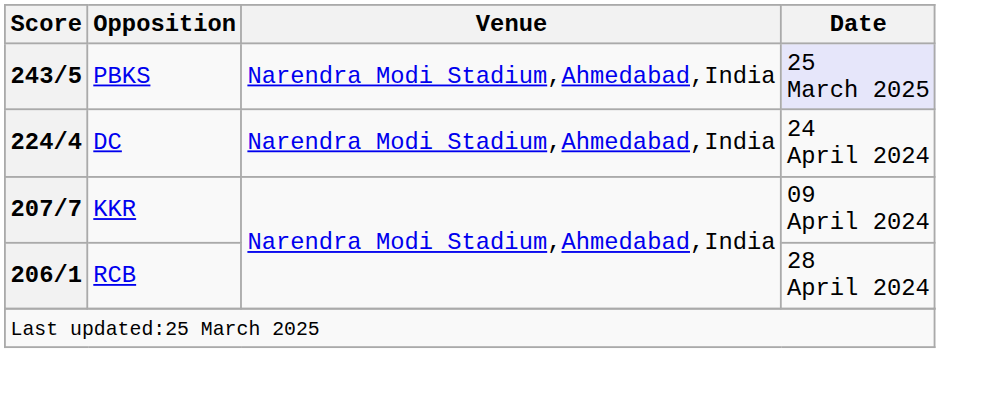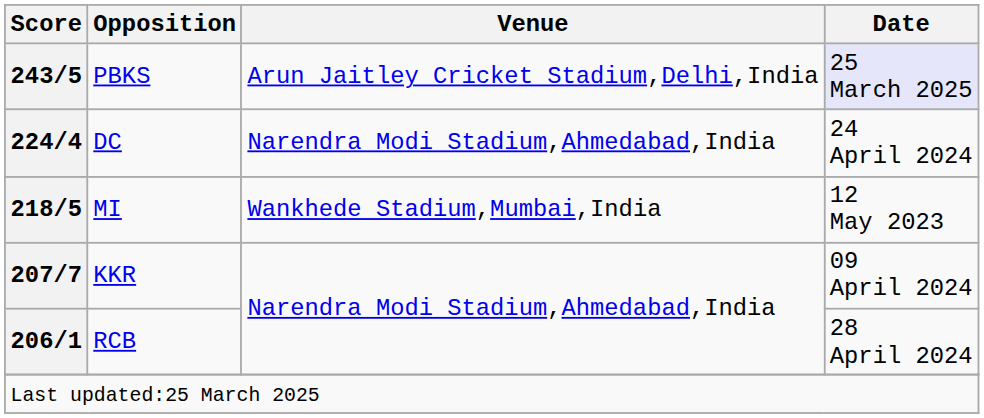 <table class="wikitable">
 <tr>
 <th><strong>Score</strong></th>
 <th><strong>Opposition</strong></th>
 <th><strong>Venue</strong></th>
 <th><strong>Date</strong></th>
 </tr>
 <tr>
 <th>243/5</th>
 <td><a href='#'>PBKS</a></td>
-<td><a href='#'>Narendra Modi Stadium</a>,<a href='#'>Ahmedabad</a>,India</td>
+<td><a href='#'>Arun Jaitley Cricket Stadium</a>,<a href='#'>Delhi</a>,India</td>
 <td style="background: lavender;">25<br>March 2025</td>
 </tr>
 <tr>
 <th>224/4</th>
 <td><a href='#'>DC</a></td>
 <td><a href='#'>Narendra Modi Stadium</a>,<a href='#'>Ahmedabad</a>,India</td>
 <td>24<br>April 2024</td>
+</tr>
+<tr>
+<th>218/5</th>
+<td><a href='#'>MI</a></td>
+<td><a href='#'>Wankhede Stadium</a>,<a href='#'>Mumbai</a>,India</td>
+<td>12<br>May 2023</td>
 </tr>
 <tr>
 <th>207/7</th>
 <td><a href='#'>KKR</a></td>
 <td rowspan="2"><a href='#'>Narendra Modi Stadium</a>,<a href='#'>Ahmedabad</a>,India</td>
 <td>09<br>April 2024</td>
 </tr>
 <tr>
 <th>206/1</th>
 <td><a href='#'>RCB</a></td>
 <td>28<br>April 2024</td>
 </tr>
 <tr>
 </tr>
 <tr class=sortbottom>
 <td colspan="4"><small>Last updated:25 March 2025</small></td>
 </tr>
 </table>
